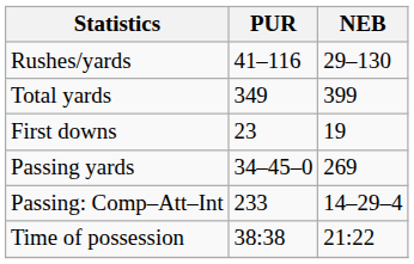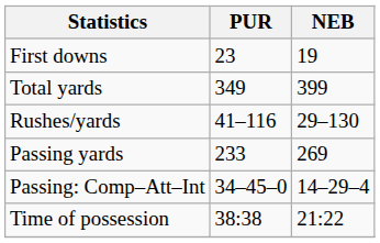 <table class="wikitable" style="float: left;">
 <tr>
 <th>Statistics</th>
 <th>PUR</th>
 <th>NEB</th>
 </tr>
 <tr>
-<td>Rushes/yards</td>
-<td>41–116</td>
-<td>29–130</td>
+<td>First downs</td>
+<td>23</td>
+<td>19</td>
 </tr>
 <tr>
 <td>Total yards</td>
 <td>349</td>
 <td>399</td>
 </tr>
 <tr>
-<td>First downs</td>
-<td>23</td>
-<td>19</td>
+<td>Rushes/yards</td>
+<td>41–116</td>
+<td>29–130</td>
 </tr>
 <tr>
 <td>Passing yards</td>
-<td>34–45–0</td>
+<td>233</td>
 <td>269</td>
 </tr>
 <tr>
 <td>Passing: Comp–Att–Int</td>
-<td>233</td>
+<td>34–45–0</td>
 <td>14–29–4</td>
 </tr>
 <tr>
 <td>Time of possession</td>
 <td>38:38</td>
 <td>21:22</td>
 </tr>
 <tr>
 </tr>
 </table>
